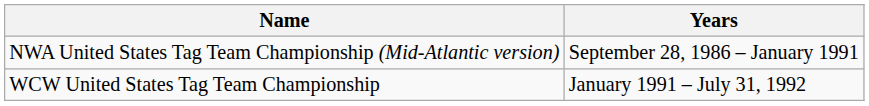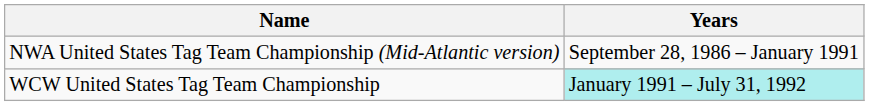 <table class="wikitable">
 <tr>
 <th>Name</th>
 <th>Years</th>
 </tr>
 <tr>
 <td>NWA United States Tag Team Championship <em>(Mid-Atlantic version)</em></td>
 <td>September 28, 1986 – January 1991</td>
 </tr>
 <tr>
 <td>WCW United States Tag Team Championship</td>
-<td>January 1991 – July 31, 1992</td>
+<td style="background: paleturquoise;">January 1991 – July 31, 1992</td>
 </tr>
 </table>
